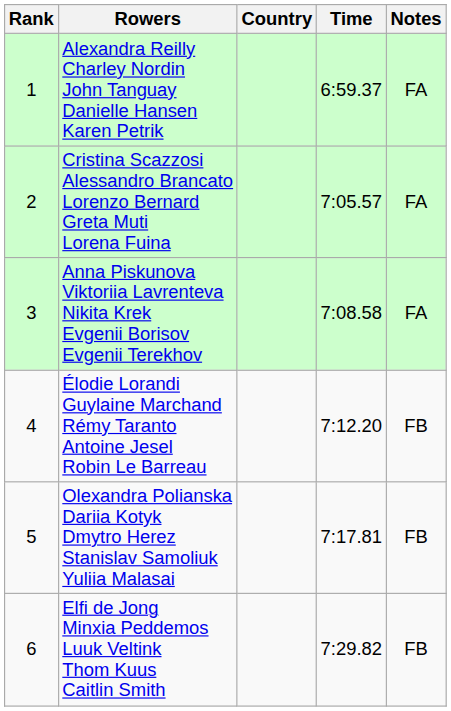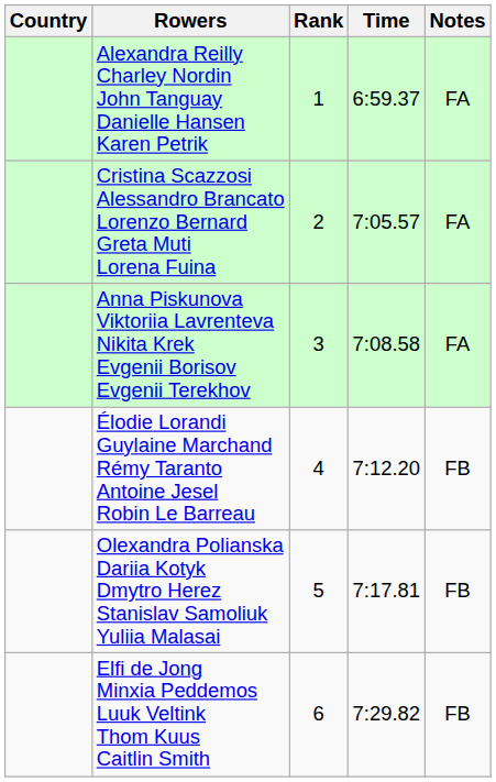 <table class="wikitable" style="text-align:center">
 <tr>
+<th>Country</th>
+<th>Rowers</th>
 <th>Rank</th>
-<th>Rowers</th>
-<th>Country</th>
 <th>Time</th>
 <th>Notes</th>
 </tr>
 <tr bgcolor=ccffcc>
+<td align="left"></td>
+<td align="left"><a href='#'>Alexandra Reilly</a><br><a href='#'>Charley Nordin</a><br><a href='#'>John Tanguay</a><br><a href='#'>Danielle Hansen</a><br><a href='#'>Karen Petrik</a></td>
 <td>1</td>
-<td align="left"><a href='#'>Alexandra Reilly</a><br><a href='#'>Charley Nordin</a><br><a href='#'>John Tanguay</a><br><a href='#'>Danielle Hansen</a><br><a href='#'>Karen Petrik</a></td>
-<td align="left"></td>
 <td>6:59.37</td>
 <td>FA</td>
 </tr>
 <tr bgcolor=ccffcc>
+<td align="left"></td>
+<td align="left"><a href='#'>Cristina Scazzosi</a><br><a href='#'>Alessandro Brancato</a><br><a href='#'>Lorenzo Bernard</a><br><a href='#'>Greta Muti</a><br><a href='#'>Lorena Fuina</a></td>
 <td>2</td>
-<td align="left"><a href='#'>Cristina Scazzosi</a><br><a href='#'>Alessandro Brancato</a><br><a href='#'>Lorenzo Bernard</a><br><a href='#'>Greta Muti</a><br><a href='#'>Lorena Fuina</a></td>
-<td align="left"></td>
 <td>7:05.57</td>
 <td>FA</td>
 </tr>
 <tr bgcolor=ccffcc>
+<td align="left"></td>
+<td align="left"><a href='#'>Anna Piskunova</a><br><a href='#'>Viktoriia Lavrenteva</a><br><a href='#'>Nikita Krek</a><br><a href='#'>Evgenii Borisov</a><br><a href='#'>Evgenii Terekhov</a></td>
 <td>3</td>
-<td align="left"><a href='#'>Anna Piskunova</a><br><a href='#'>Viktoriia Lavrenteva</a><br><a href='#'>Nikita Krek</a><br><a href='#'>Evgenii Borisov</a><br><a href='#'>Evgenii Terekhov</a></td>
-<td align="left"></td>
 <td>7:08.58</td>
 <td>FA</td>
 </tr>
 <tr>
+<td align="left"></td>
+<td align="left"><a href='#'>Élodie Lorandi</a><br><a href='#'>Guylaine Marchand</a><br><a href='#'>Rémy Taranto</a><br><a href='#'>Antoine Jesel</a><br><a href='#'>Robin Le Barreau</a></td>
 <td>4</td>
-<td align="left"><a href='#'>Élodie Lorandi</a><br><a href='#'>Guylaine Marchand</a><br><a href='#'>Rémy Taranto</a><br><a href='#'>Antoine Jesel</a><br><a href='#'>Robin Le Barreau</a></td>
-<td align="left"></td>
 <td>7:12.20</td>
 <td>FB</td>
 </tr>
 <tr>
+<td align="left"></td>
+<td align="left"><a href='#'>Olexandra Polianska</a><br><a href='#'>Dariia Kotyk</a><br><a href='#'>Dmytro Herez</a><br><a href='#'>Stanislav Samoliuk</a><br><a href='#'>Yuliia Malasai</a></td>
 <td>5</td>
-<td align="left"><a href='#'>Olexandra Polianska</a><br><a href='#'>Dariia Kotyk</a><br><a href='#'>Dmytro Herez</a><br><a href='#'>Stanislav Samoliuk</a><br><a href='#'>Yuliia Malasai</a></td>
-<td align="left"></td>
 <td>7:17.81</td>
 <td>FB</td>
 </tr>
 <tr>
+<td align="left"></td>
+<td align="left"><a href='#'>Elfi de Jong</a><br><a href='#'>Minxia Peddemos</a><br><a href='#'>Luuk Veltink</a><br><a href='#'>Thom Kuus</a><br><a href='#'>Caitlin Smith</a></td>
 <td>6</td>
-<td align="left"><a href='#'>Elfi de Jong</a><br><a href='#'>Minxia Peddemos</a><br><a href='#'>Luuk Veltink</a><br><a href='#'>Thom Kuus</a><br><a href='#'>Caitlin Smith</a></td>
-<td align="left"></td>
 <td>7:29.82</td>
 <td>FB</td>
 </tr>
 </table>
